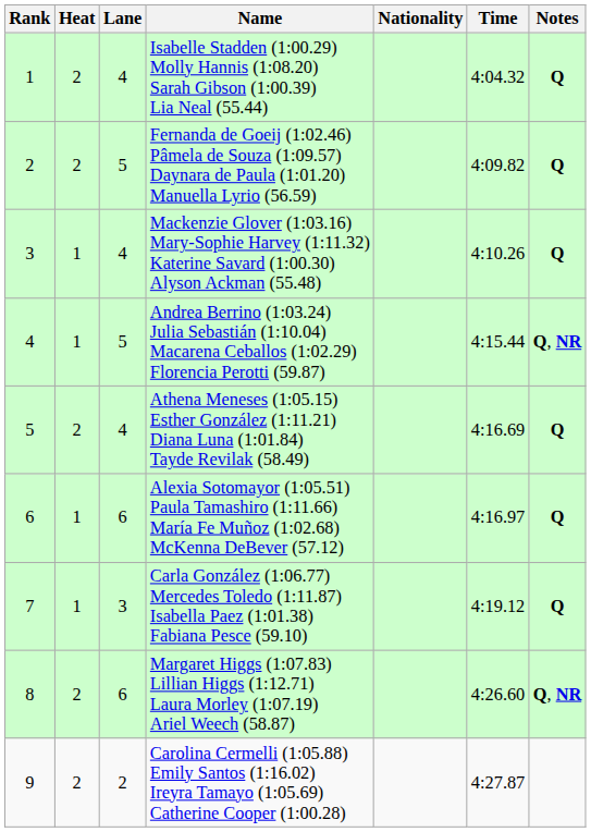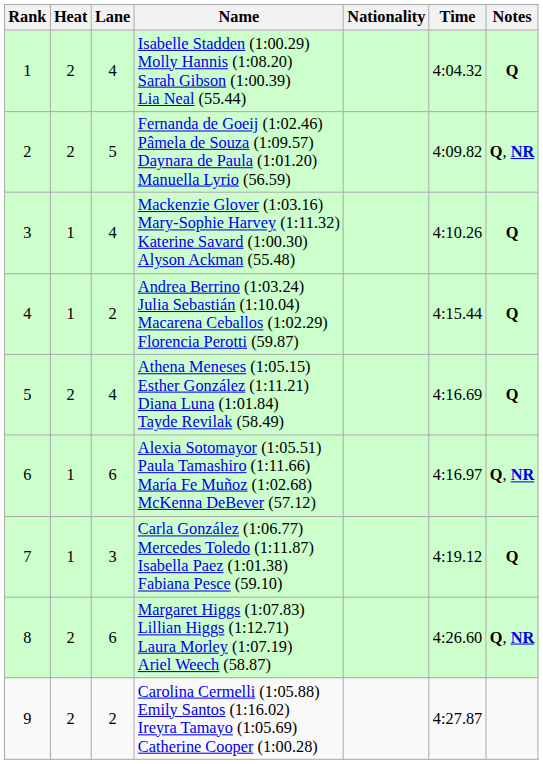 <table class="wikitable sortable" style="text-align:center">
 <tr>
 <th>Rank</th>
 <th>Heat</th>
 <th>Lane</th>
 <th>Name</th>
 <th>Nationality</th>
 <th>Time</th>
 <th>Notes</th>
 </tr>
 <tr bgcolor=ccffcc>
 <td>1</td>
 <td>2</td>
 <td>4</td>
 <td align=left><a href='#'>Isabelle Stadden</a> (1:00.29) <br><a href='#'>Molly Hannis</a>  (1:08.20)<br><a href='#'>Sarah Gibson</a>  (1:00.39)<br><a href='#'>Lia Neal</a> (55.44)</td>
 <td align=left></td>
 <td>4:04.32</td>
 <td><strong>Q</strong></td>
 </tr>
 <tr bgcolor=ccffcc>
 <td>2</td>
 <td>2</td>
 <td>5</td>
 <td align=left><a href='#'>Fernanda de Goeij</a>  (1:02.46)<br><a href='#'>Pâmela de Souza</a>  (1:09.57)<br><a href='#'>Daynara de Paula</a>  (1:01.20)<br><a href='#'>Manuella Lyrio</a>  (56.59)</td>
 <td align=left></td>
 <td>4:09.82</td>
-<td><strong>Q</strong></td>
+<td><strong>Q</strong>, <strong><a href='#'>NR</a></strong></td>
 </tr>
 <tr bgcolor=ccffcc>
 <td>3</td>
 <td>1</td>
 <td>4</td>
 <td align=left><a href='#'>Mackenzie Glover</a>  (1:03.16)<br><a href='#'>Mary-Sophie Harvey</a>  (1:11.32)<br><a href='#'>Katerine Savard</a>  (1:00.30)<br><a href='#'>Alyson Ackman</a>   (55.48)</td>
 <td align=left></td>
 <td>4:10.26</td>
 <td><strong>Q</strong></td>
 </tr>
 <tr bgcolor=ccffcc>
 <td>4</td>
 <td>1</td>
-<td>5</td>
+<td>2</td>
 <td align=left><a href='#'>Andrea Berrino</a>  (1:03.24)<br><a href='#'>Julia Sebastián</a>  (1:10.04)<br><a href='#'>Macarena Ceballos</a>  (1:02.29)<br><a href='#'>Florencia Perotti</a> (59.87)</td>
 <td align=left></td>
 <td>4:15.44</td>
-<td><strong>Q</strong>, <strong><a href='#'>NR</a></strong></td>
+<td><strong>Q</strong></td>
 </tr>
 <tr bgcolor=ccffcc>
 <td>5</td>
 <td>2</td>
 <td>4</td>
 <td align=left><a href='#'>Athena Meneses</a>  (1:05.15) <br><a href='#'>Esther González</a>  (1:11.21)<br><a href='#'>Diana Luna</a>  (1:01.84)<br><a href='#'>Tayde Revilak</a>  (58.49)</td>
 <td align=left></td>
 <td>4:16.69</td>
 <td><strong>Q</strong></td>
 </tr>
 <tr bgcolor=ccffcc>
 <td>6</td>
 <td>1</td>
 <td>6</td>
 <td align=left><a href='#'>Alexia Sotomayor</a>  (1:05.51)<br><a href='#'>Paula Tamashiro</a>  (1:11.66)<br><a href='#'>María Fe Muñoz</a>  (1:02.68)<br><a href='#'>McKenna DeBever</a>  (57.12)</td>
 <td align=left></td>
 <td>4:16.97</td>
-<td><strong>Q</strong></td>
+<td><strong>Q</strong>, <strong><a href='#'>NR</a></strong></td>
 </tr>
 <tr bgcolor=ccffcc>
 <td>7</td>
 <td>1</td>
 <td>3</td>
 <td align=left><a href='#'>Carla González</a> (1:06.77) <br><a href='#'>Mercedes Toledo</a>  (1:11.87)<br><a href='#'>Isabella Paez</a>  (1:01.38)<br><a href='#'>Fabiana Pesce</a>  (59.10)</td>
 <td align=left></td>
 <td>4:19.12</td>
 <td><strong>Q</strong></td>
 </tr>
 <tr bgcolor=ccffcc>
 <td>8</td>
 <td>2</td>
 <td>6</td>
 <td align=left><a href='#'>Margaret Higgs</a>  (1:07.83)<br><a href='#'>Lillian Higgs</a>  (1:12.71)<br><a href='#'>Laura Morley</a>  (1:07.19)<br><a href='#'>Ariel Weech</a> (58.87)</td>
 <td align=left></td>
 <td>4:26.60</td>
 <td><strong>Q</strong>, <strong><a href='#'>NR</a></strong></td>
 </tr>
 <tr>
 <td>9</td>
 <td>2</td>
 <td>2</td>
 <td align=left><a href='#'>Carolina Cermelli</a>  (1:05.88)<br><a href='#'>Emily Santos</a>  (1:16.02)<br><a href='#'>Ireyra Tamayo</a>  (1:05.69)<br><a href='#'>Catherine Cooper</a>  (1:00.28)</td>
 <td align=left></td>
 <td>4:27.87</td>
 <td></td>
 </tr>
 </table>
